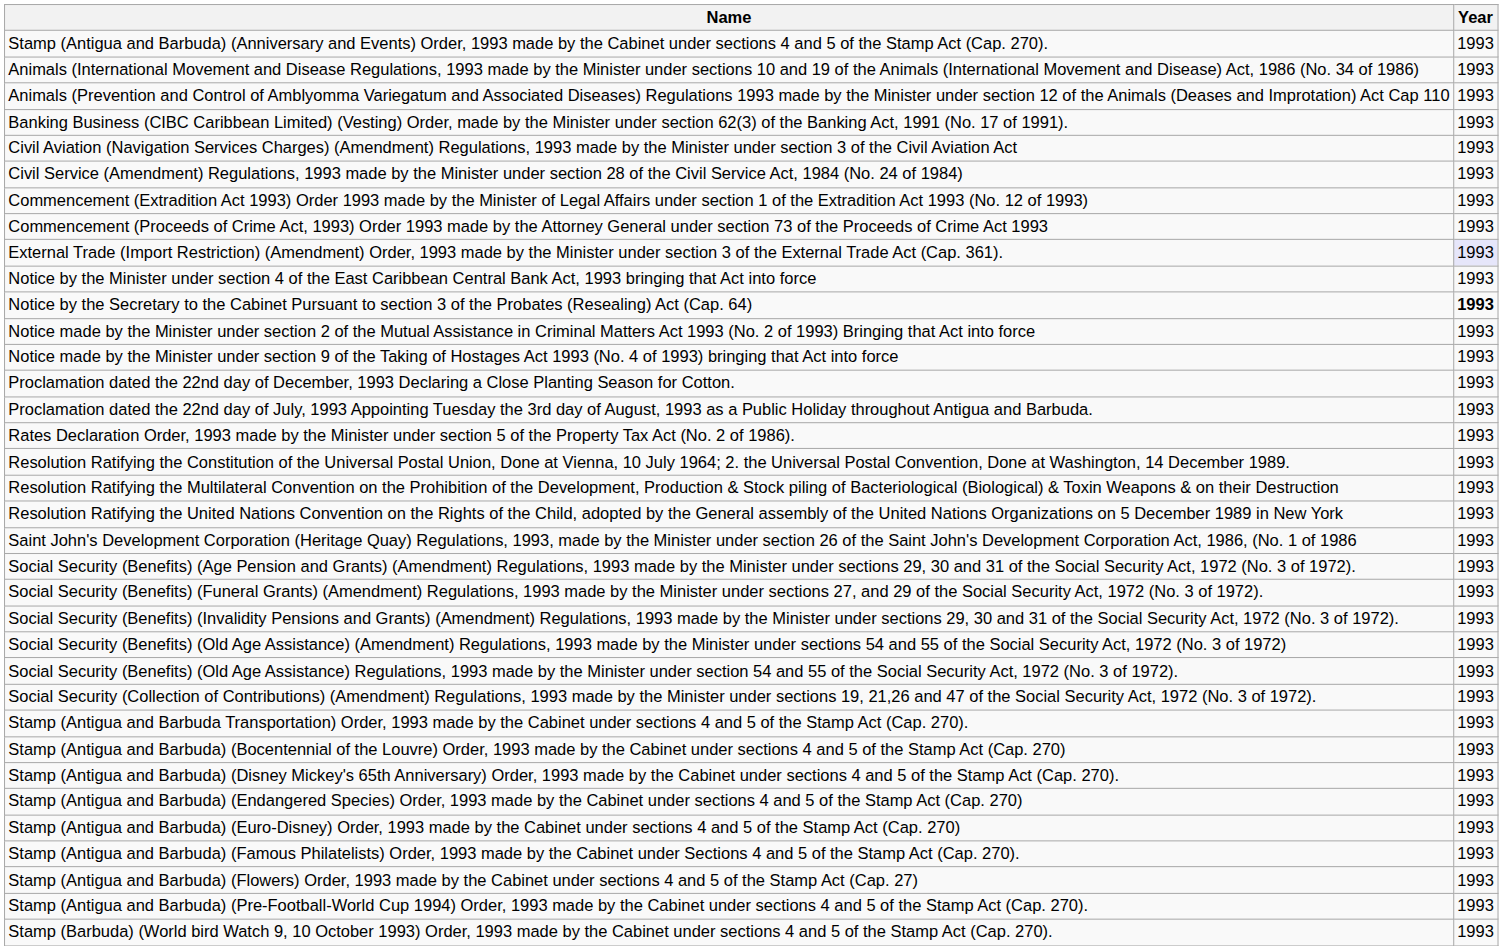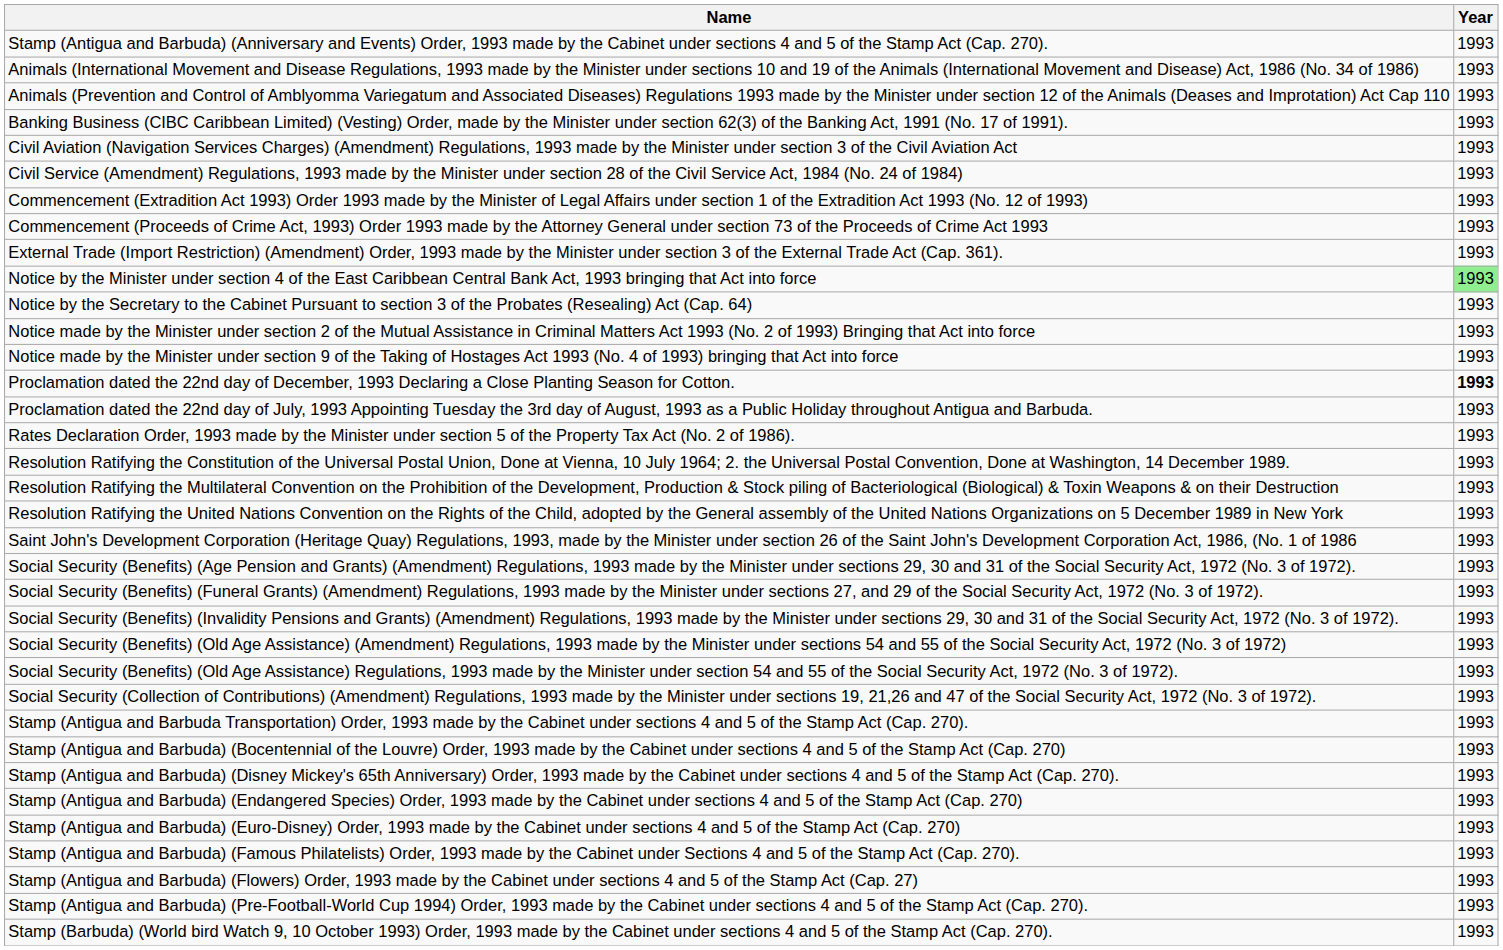 <table class="wikitable">
 <tr>
 <th>Name</th>
 <th>Year</th>
 </tr>
 <tr>
 <td>Stamp (Antigua and Barbuda) (Anniversary and Events) Order, 1993 made by the Cabinet under sections 4 and 5 of the Stamp Act (Cap. 270).</td>
 <td>1993</td>
 </tr>
 <tr>
 <td>Animals (International Movement and Disease Regulations, 1993 made by the Minister under sections 10 and 19 of the Animals (International Movement and Disease) Act, 1986 (No. 34 of 1986)</td>
 <td>1993</td>
 </tr>
 <tr>
 <td>Animals (Prevention and Control of Amblyomma Variegatum and Associated Diseases) Regulations 1993 made by the Minister under section 12 of the Animals (Deases and Improtation) Act Cap 110</td>
 <td>1993</td>
 </tr>
 <tr>
 <td>Banking Business (CIBC Caribbean Limited) (Vesting) Order, made by the Minister under section 62(3) of the Banking Act, 1991 (No. 17 of 1991).</td>
 <td>1993</td>
 </tr>
 <tr>
 <td>Civil Aviation (Navigation Services Charges) (Amendment) Regulations, 1993 made by the Minister under section 3 of the Civil Aviation Act</td>
 <td>1993</td>
 </tr>
 <tr>
 <td>Civil Service (Amendment) Regulations, 1993 made by the Minister under section 28 of the Civil Service Act, 1984 (No. 24 of 1984)</td>
 <td>1993</td>
 </tr>
 <tr>
 <td>Commencement (Extradition Act 1993) Order 1993 made by the Minister of Legal Affairs under section 1 of the Extradition Act 1993 (No. 12 of 1993)</td>
 <td>1993</td>
 </tr>
 <tr>
 <td>Commencement (Proceeds of Crime Act, 1993) Order 1993 made by the Attorney General under section 73 of the Proceeds of Crime Act 1993</td>
 <td>1993</td>
 </tr>
 <tr>
 <td>External Trade (Import Restriction) (Amendment) Order, 1993 made by the Minister under section 3 of the External Trade Act (Cap. 361).</td>
-<td style="background: lavender;">1993</td>
+<td>1993</td>
 </tr>
 <tr>
 <td>Notice by the Minister under section 4 of the East Caribbean Central Bank Act, 1993 bringing that Act into force</td>
-<td>1993</td>
+<td style="background: lightgreen;">1993</td>
 </tr>
 <tr>
 <td>Notice by the Secretary to the Cabinet Pursuant to section 3 of the Probates (Resealing) Act (Cap. 64)</td>
-<td><strong>1993</strong></td>
+<td>1993</td>
 </tr>
 <tr>
 <td>Notice made by the Minister under section 2 of the Mutual Assistance in Criminal Matters Act 1993 (No. 2 of 1993) Bringing that Act into force</td>
 <td>1993</td>
 </tr>
 <tr>
 <td>Notice made by the Minister under section 9 of the Taking of Hostages Act 1993 (No. 4 of 1993) bringing that Act into force</td>
 <td>1993</td>
 </tr>
 <tr>
 <td>Proclamation dated the 22nd day of December, 1993 Declaring a Close Planting Season for Cotton.</td>
-<td>1993</td>
+<td><strong>1993</strong></td>
 </tr>
 <tr>
 <td>Proclamation dated the 22nd day of July, 1993 Appointing Tuesday the 3rd day of August, 1993 as a Public Holiday throughout Antigua and Barbuda.</td>
 <td>1993</td>
 </tr>
 <tr>
 <td>Rates Declaration Order, 1993 made by the Minister under section 5 of the Property Tax Act (No. 2 of 1986).</td>
 <td>1993</td>
 </tr>
 <tr>
 <td>Resolution Ratifying the Constitution of the Universal Postal Union, Done at Vienna, 10 July 1964; 2. the Universal Postal Convention, Done at Washington, 14 December 1989.</td>
 <td>1993</td>
 </tr>
 <tr>
 <td>Resolution Ratifying the Multilateral Convention on the Prohibition of the Development, Production & Stock piling of Bacteriological (Biological) & Toxin Weapons & on their Destruction</td>
 <td>1993</td>
 </tr>
 <tr>
 <td>Resolution Ratifying the United Nations Convention on the Rights of the Child, adopted by the General assembly of the United Nations Organizations on 5 December 1989 in New York</td>
 <td>1993</td>
 </tr>
 <tr>
 <td>Saint John's Development Corporation (Heritage Quay) Regulations, 1993, made by the Minister under section 26 of the Saint John's Development Corporation Act, 1986, (No. 1 of 1986</td>
 <td>1993</td>
 </tr>
 <tr>
 <td>Social Security (Benefits) (Age Pension and Grants) (Amendment) Regulations, 1993 made by the Minister under sections 29, 30 and 31 of the Social Security Act, 1972 (No. 3 of 1972).</td>
 <td>1993</td>
 </tr>
 <tr>
 <td>Social Security (Benefits) (Funeral Grants) (Amendment) Regulations, 1993 made by the Minister under sections 27, and 29 of the Social Security Act, 1972 (No. 3 of 1972).</td>
 <td>1993</td>
 </tr>
 <tr>
 <td>Social Security (Benefits) (Invalidity Pensions and Grants) (Amendment) Regulations, 1993 made by the Minister under sections 29, 30 and 31 of the Social Security Act, 1972 (No. 3 of 1972).</td>
 <td>1993</td>
 </tr>
 <tr>
 <td>Social Security (Benefits) (Old Age Assistance) (Amendment) Regulations, 1993 made by the Minister under sections 54 and 55 of the Social Security Act, 1972 (No. 3 of 1972)</td>
 <td>1993</td>
 </tr>
 <tr>
 <td>Social Security (Benefits) (Old Age Assistance) Regulations, 1993 made by the Minister under section 54 and 55 of the Social Security Act, 1972 (No. 3 of 1972).</td>
 <td>1993</td>
 </tr>
 <tr>
 <td>Social Security (Collection of Contributions) (Amendment) Regulations, 1993 made by the Minister under sections 19, 21,26 and 47 of the Social Security Act, 1972 (No. 3 of 1972).</td>
 <td>1993</td>
 </tr>
 <tr>
 <td>Stamp (Antigua and Barbuda Transportation) Order, 1993 made by the Cabinet under sections 4 and 5 of the Stamp Act (Cap. 270).</td>
 <td>1993</td>
 </tr>
 <tr>
 <td>Stamp (Antigua and Barbuda) (Bocentennial of the Louvre) Order, 1993 made by the Cabinet under sections 4 and 5 of the Stamp Act (Cap. 270)</td>
 <td>1993</td>
 </tr>
 <tr>
 <td>Stamp (Antigua and Barbuda) (Disney Mickey's 65th Anniversary) Order, 1993 made by the Cabinet under sections 4 and 5 of the Stamp Act (Cap. 270).</td>
 <td>1993</td>
 </tr>
 <tr>
 <td>Stamp (Antigua and Barbuda) (Endangered Species) Order, 1993 made by the Cabinet under sections 4 and 5 of the Stamp Act (Cap. 270)</td>
 <td>1993</td>
 </tr>
 <tr>
 <td>Stamp (Antigua and Barbuda) (Euro-Disney) Order, 1993 made by the Cabinet under sections 4 and 5 of the Stamp Act (Cap. 270)</td>
 <td>1993</td>
 </tr>
 <tr>
 <td>Stamp (Antigua and Barbuda) (Famous Philatelists) Order, 1993 made by the Cabinet under Sections 4 and 5 of the Stamp Act (Cap. 270).</td>
 <td>1993</td>
 </tr>
 <tr>
 <td>Stamp (Antigua and Barbuda) (Flowers) Order, 1993 made by the Cabinet under sections 4 and 5 of the Stamp Act (Cap. 27)</td>
 <td>1993</td>
 </tr>
 <tr>
 <td>Stamp (Antigua and Barbuda) (Pre-Football-World Cup 1994) Order, 1993 made by the Cabinet under sections 4 and 5 of the Stamp Act (Cap. 270).</td>
 <td>1993</td>
 </tr>
 <tr>
 <td>Stamp (Barbuda) (World bird Watch 9, 10 October 1993) Order, 1993 made by the Cabinet under sections 4 and 5 of the Stamp Act (Cap. 270).</td>
 <td>1993</td>
 </tr>
 </table>
